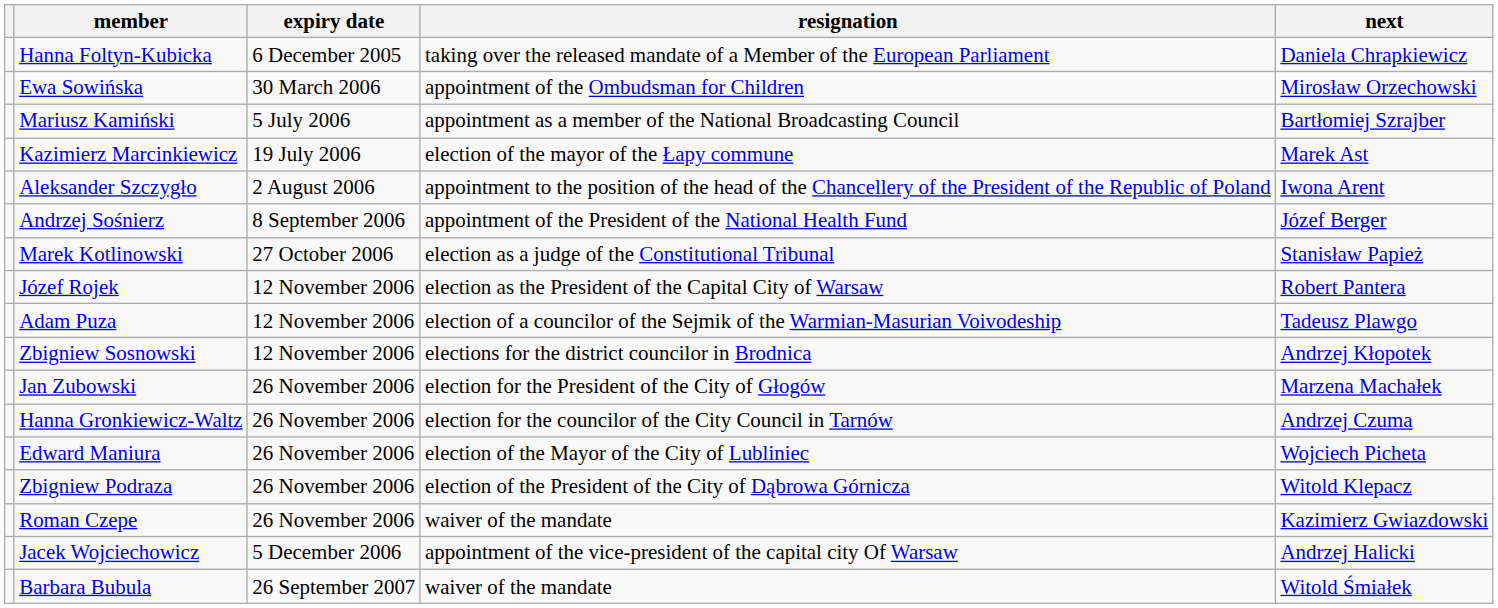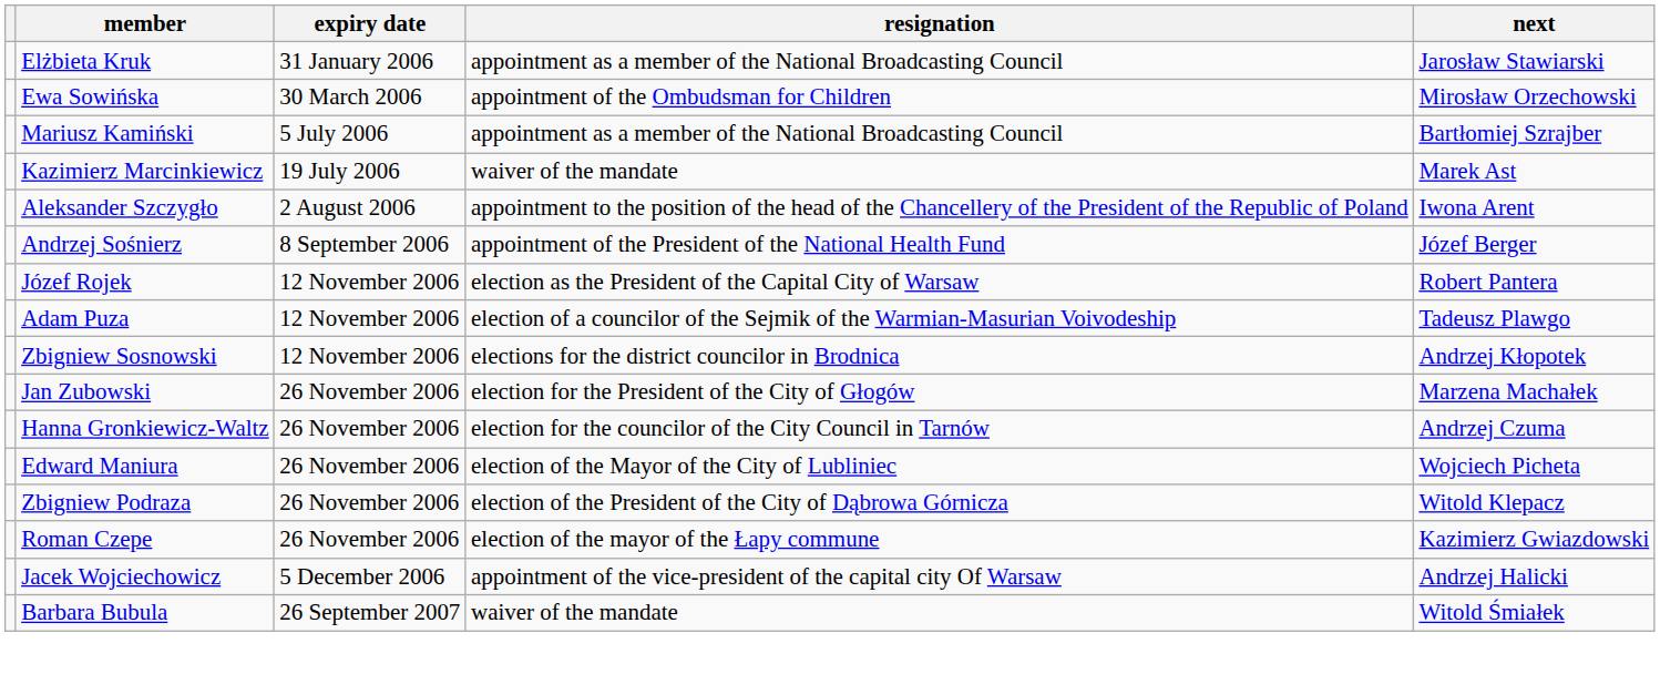 <table class="wikitable">
 <tr>
 <th></th>
 <th>member</th>
 <th>expiry date</th>
 <th>resignation</th>
 <th>next</th>
 </tr>
 <tr>
 <td style="background:"></td>
-<td><a href='#'>Hanna Foltyn-Kubicka</a></td>
-<td>6 December 2005</td>
-<td>taking over the released mandate of a Member of the <a href='#'>European Parliament</a></td>
-<td><a href='#'>Daniela Chrapkiewicz</a></td>
+<td><a href='#'>Elżbieta Kruk</a></td>
+<td>31 January 2006</td>
+<td>appointment as a member of the National Broadcasting Council</td>
+<td><a href='#'>Jarosław Stawiarski</a></td>
 </tr>
 <tr>
 <td style="background:"></td>
 <td><a href='#'>Ewa Sowińska</a></td>
 <td>30 March 2006</td>
 <td>appointment of the <a href='#'>Ombudsman for Children</a></td>
 <td><a href='#'>Mirosław Orzechowski</a></td>
 </tr>
 <tr>
 <td style="background:"></td>
 <td><a href='#'>Mariusz Kamiński</a></td>
 <td>5 July 2006</td>
 <td>appointment as a member of the National Broadcasting Council</td>
 <td><a href='#'>Bartłomiej Szrajber</a></td>
 </tr>
 <tr>
 <td style="background:"></td>
 <td><a href='#'>Kazimierz Marcinkiewicz</a></td>
 <td>19 July 2006</td>
-<td>election of the mayor of the <a href='#'>Łapy commune</a></td>
+<td>waiver of the mandate</td>
 <td><a href='#'>Marek Ast</a></td>
 </tr>
 <tr>
 <td style="background:"></td>
 <td><a href='#'>Aleksander Szczygło</a></td>
 <td>2 August 2006</td>
 <td>appointment to the position of the head of the <a href='#'>Chancellery of the President of the Republic of Poland</a></td>
 <td><a href='#'>Iwona Arent</a></td>
 </tr>
 <tr>
 <td style="background:"></td>
 <td><a href='#'>Andrzej Sośnierz</a></td>
 <td>8 September 2006</td>
 <td>appointment of the President of the <a href='#'>National Health Fund</a></td>
 <td><a href='#'>Józef Berger</a></td>
-</tr>
-<tr>
-<td style="background:"></td>
-<td><a href='#'>Marek Kotlinowski</a></td>
-<td>27 October 2006</td>
-<td>election as a judge of the <a href='#'>Constitutional Tribunal</a></td>
-<td><a href='#'>Stanisław Papież</a></td>
 </tr>
 <tr>
 <td style="background:"></td>
 <td><a href='#'>Józef Rojek</a></td>
 <td>12 November 2006</td>
 <td>election as the President of the Capital City of <a href='#'>Warsaw</a></td>
 <td><a href='#'>Robert Pantera</a></td>
 </tr>
 <tr>
 <td style="background:"></td>
 <td><a href='#'>Adam Puza</a></td>
 <td>12 November 2006</td>
 <td>election of a councilor of the Sejmik of the <a href='#'>Warmian-Masurian Voivodeship</a></td>
 <td><a href='#'>Tadeusz Plawgo</a></td>
 </tr>
 <tr>
 <td style="background:"></td>
 <td><a href='#'>Zbigniew Sosnowski</a></td>
 <td>12 November 2006</td>
 <td>elections for the district councilor in <a href='#'>Brodnica</a></td>
 <td><a href='#'>Andrzej Kłopotek</a></td>
 </tr>
 <tr>
 <td style="background:"></td>
 <td><a href='#'>Jan Zubowski</a></td>
 <td>26 November 2006</td>
 <td>election for the President of the City of <a href='#'>Głogów</a></td>
 <td><a href='#'>Marzena Machałek</a></td>
 </tr>
 <tr>
 <td style="background:"></td>
 <td><a href='#'>Hanna Gronkiewicz-Waltz</a></td>
 <td>26 November 2006</td>
 <td>election for the councilor of the City Council in <a href='#'>Tarnów</a></td>
 <td><a href='#'>Andrzej Czuma</a></td>
 </tr>
 <tr>
 <td style="background:"></td>
 <td><a href='#'>Edward Maniura</a></td>
 <td>26 November 2006</td>
 <td>election of the Mayor of the City of <a href='#'>Lubliniec</a></td>
 <td><a href='#'>Wojciech Picheta</a></td>
 </tr>
 <tr>
 <td style="background:"></td>
 <td><a href='#'>Zbigniew Podraza</a></td>
 <td>26 November 2006</td>
 <td>election of the President of the City of <a href='#'>Dąbrowa Górnicza</a></td>
 <td><a href='#'>Witold Klepacz</a></td>
 </tr>
 <tr>
 <td style="background:"></td>
 <td><a href='#'>Roman Czepe</a></td>
 <td>26 November 2006</td>
-<td>waiver of the mandate</td>
+<td>election of the mayor of the <a href='#'>Łapy commune</a></td>
 <td><a href='#'>Kazimierz Gwiazdowski</a></td>
 </tr>
 <tr>
 <td style="background:"></td>
 <td><a href='#'>Jacek Wojciechowicz</a></td>
 <td>5 December 2006</td>
 <td>appointment of the vice-president of the capital city Of <a href='#'>Warsaw</a></td>
 <td><a href='#'>Andrzej Halicki</a></td>
 </tr>
 <tr>
 <td style="background:"></td>
 <td><a href='#'>Barbara Bubula</a></td>
 <td>26 September 2007</td>
 <td>waiver of the mandate</td>
 <td><a href='#'>Witold Śmiałek</a></td>
 </tr>
 </table>
